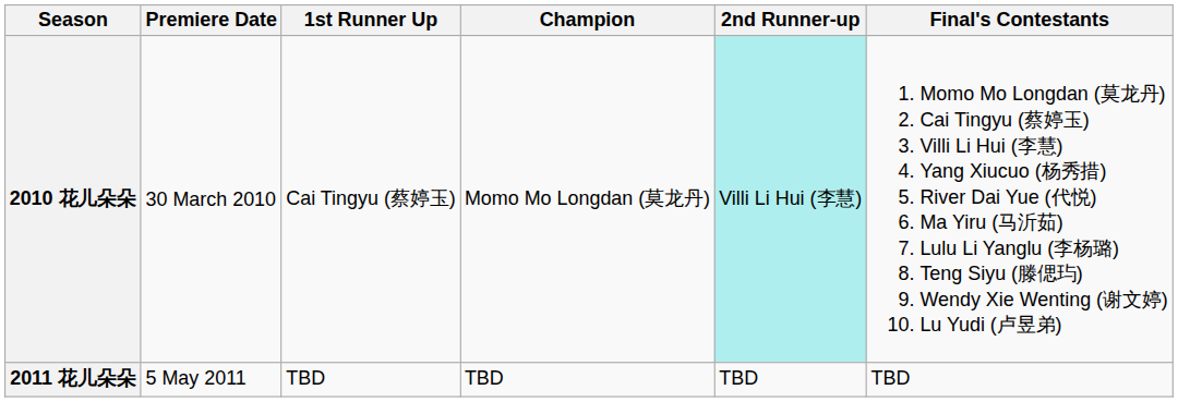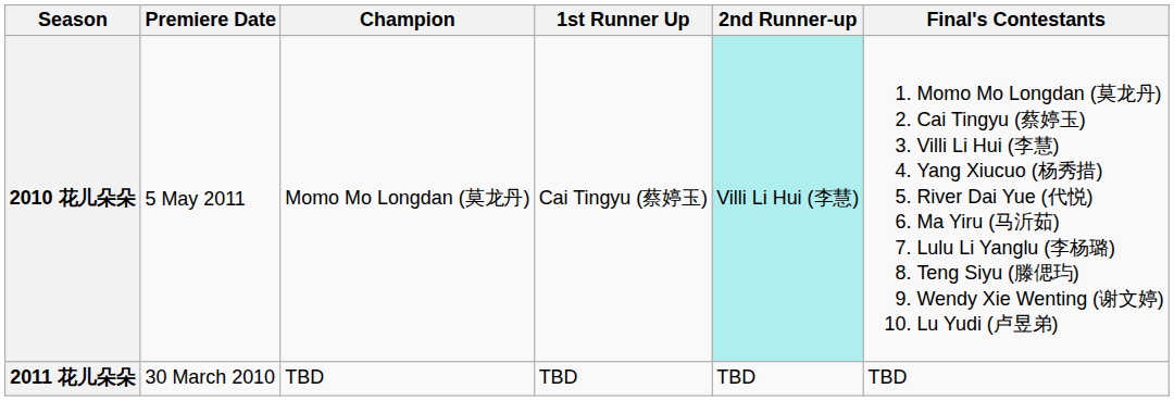 <table class="wikitable">
 <tr>
 <th align="center">Season</th>
 <th align="center">Premiere Date</th>
+<th align="center">Champion</th>
 <th align="center">1st Runner Up</th>
-<th align="center">Champion</th>
 <th align="center">2nd Runner-up</th>
 <th align="center">Final's Contestants</th>
 </tr>
 <tr>
 <th>2010 花儿朵朵</th>
-<td>30 March 2010</td>
+<td>5 May 2011</td>
+<td>Momo Mo Longdan (莫龙丹)</td>
 <td>Cai Tingyu (蔡婷玉)</td>
-<td>Momo Mo Longdan (莫龙丹)</td>
 <td style="background: paleturquoise;">Villi Li Hui (李慧)</td>
 <td><br><ol><li>Momo Mo Longdan (莫龙丹)</li><li>Cai Tingyu (蔡婷玉)</li><li>Villi Li Hui (李慧)</li><li>Yang Xiucuo (杨秀措)</li><li>River Dai Yue (代悦)</li><li>Ma Yiru (马沂茹)</li><li>Lulu Li Yanglu (李杨璐)</li><li>Teng Siyu (滕偲玙)</li><li>Wendy Xie Wenting (谢文婷)</li><li>Lu Yudi (卢昱弟)</li></ol></td>
 </tr>
 <tr>
 <th>2011 花儿朵朵</th>
-<td>5 May 2011</td>
+<td>30 March 2010</td>
 <td>TBD</td>
 <td>TBD</td>
 <td>TBD</td>
 <td>TBD</td>
 </tr>
 </table>
